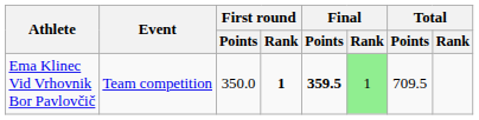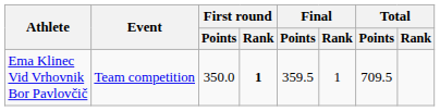 <table class="wikitable" style="font-size:90%">
 <tr>
 <th rowspan=2>Athlete</th>
 <th rowspan=2>Event</th>
 <th colspan=2>First round</th>
 <th colspan=2>Final</th>
 <th colspan=2>Total</th>
 </tr>
 <tr style="font-size:95%">
 <th>Points</th>
 <th>Rank</th>
 <th>Points</th>
 <th>Rank</th>
 <th>Points</th>
 <th>Rank</th>
 </tr>
 <tr align=center>
 <td align=left><a href='#'>Ema Klinec</a><br><a href='#'>Vid Vrhovnik</a><br><a href='#'>Bor Pavlovčič</a></td>
 <td align=left><a href='#'>Team competition</a></td>
 <td>350.0</td>
 <td><strong>1</strong></td>
-<td><strong>359.5</strong></td>
-<td style="background: lightgreen;">1</td>
+<td>359.5</td>
+<td>1</td>
 <td>709.5</td>
 <td></td>
 </tr>
 </table>
